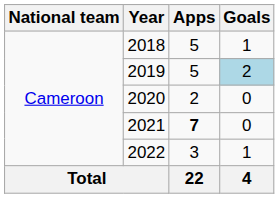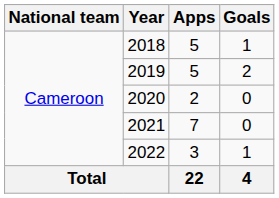 <table class="wikitable" style="text-align:center">
 <tr>
 <th>National team</th>
 <th>Year</th>
 <th>Apps</th>
 <th>Goals</th>
 </tr>
 <tr>
 <td rowspan="5"><a href='#'>Cameroon</a></td>
 <td>2018</td>
 <td>5</td>
 <td>1</td>
 </tr>
 <tr>
 <td>2019</td>
 <td>5</td>
-<td style="background: lightblue;">2</td>
+<td>2</td>
 </tr>
 <tr>
 <td>2020</td>
 <td>2</td>
 <td>0</td>
 </tr>
 <tr>
 <td>2021</td>
-<td><strong>7</strong></td>
+<td>7</td>
 <td>0</td>
 </tr>
 <tr>
 <td>2022</td>
 <td>3</td>
 <td>1</td>
 </tr>
 <tr>
 <th colspan="2">Total</th>
 <th>22</th>
 <th>4</th>
 </tr>
 </table>
